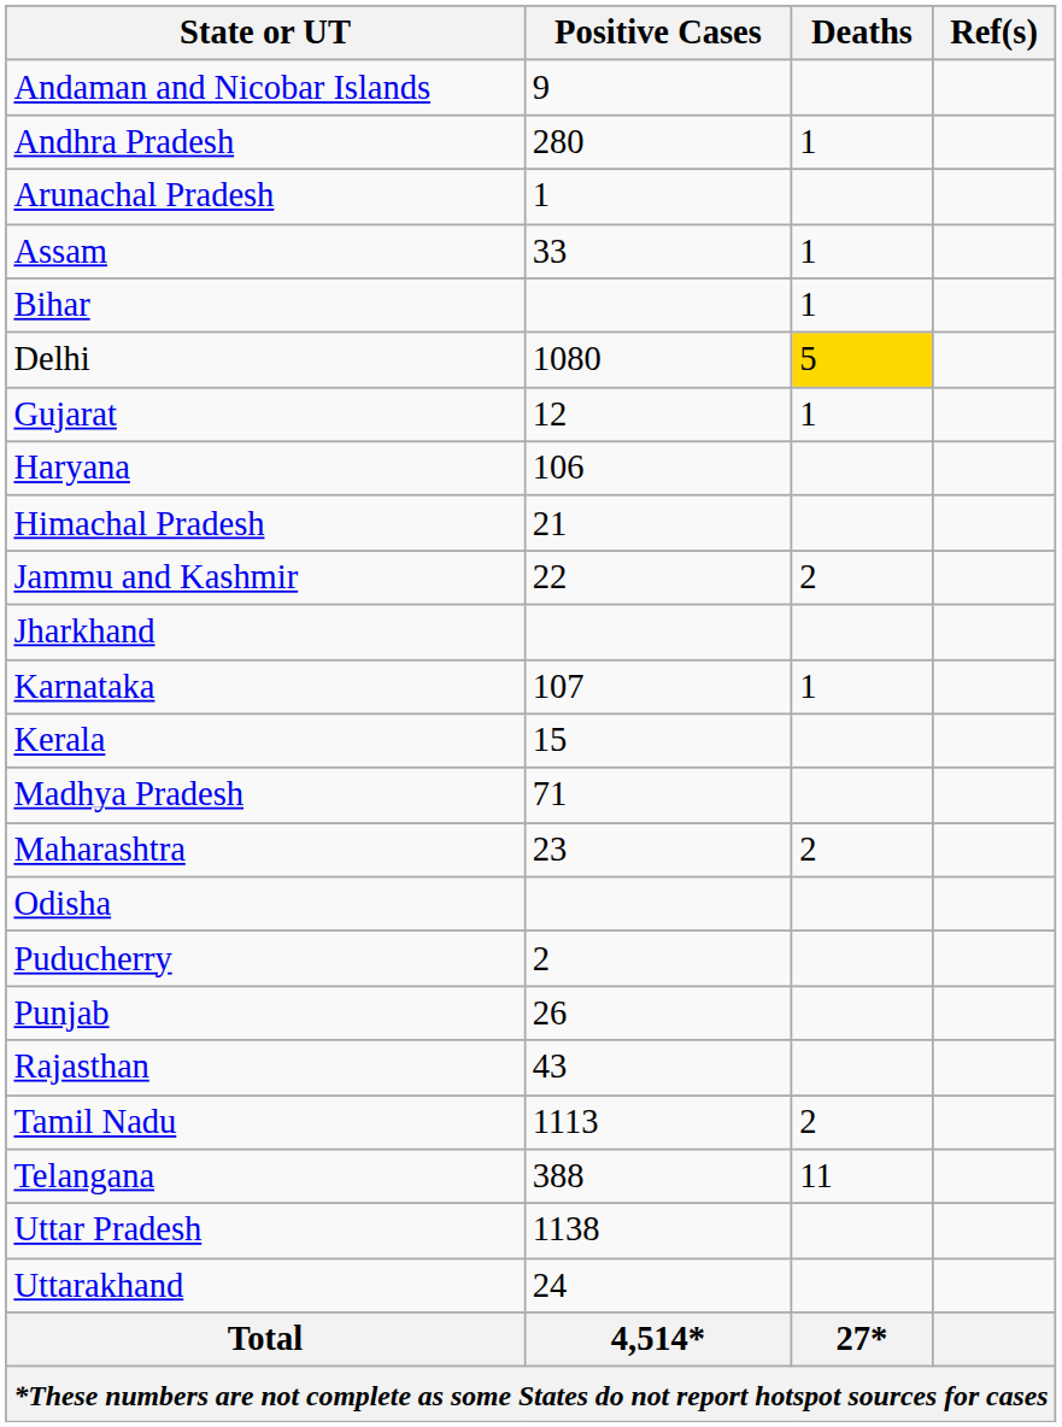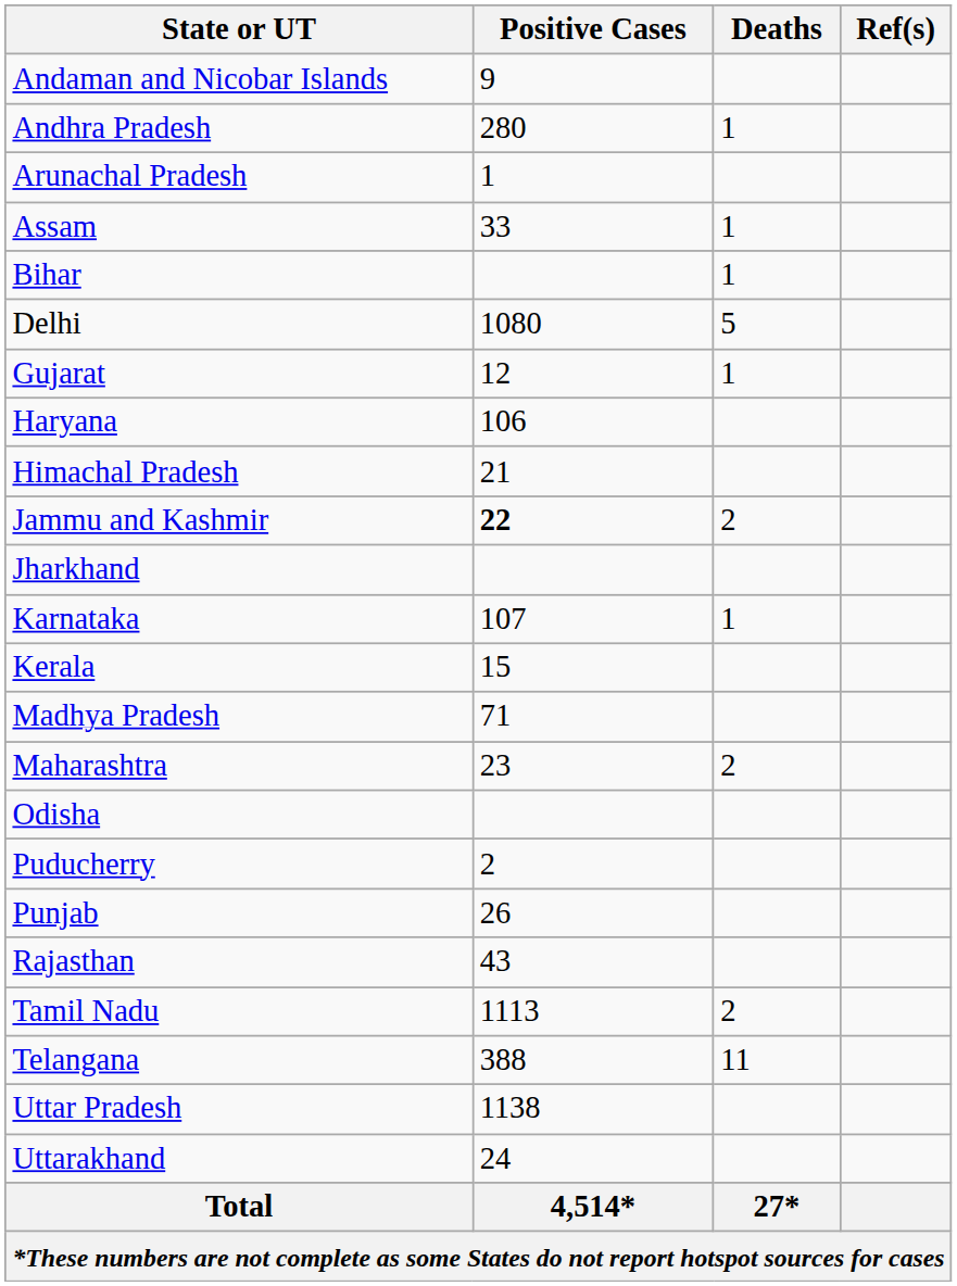 <table class="wikitable sortable">
 <tr>
 <th>State or UT</th>
 <th>Positive Cases</th>
 <th>Deaths</th>
 <th>Ref(s)</th>
 </tr>
 <tr>
 <td><a href='#'>Andaman and Nicobar Islands</a></td>
 <td>9</td>
 <td></td>
 <td></td>
 </tr>
 <tr>
 <td><a href='#'>Andhra Pradesh</a></td>
 <td>280</td>
 <td>1</td>
 <td></td>
 </tr>
 <tr>
 <td><a href='#'>Arunachal Pradesh</a></td>
 <td>1</td>
 <td></td>
 <td></td>
 </tr>
 <tr>
 <td><a href='#'>Assam</a></td>
 <td>33</td>
 <td>1</td>
 <td></td>
 </tr>
 <tr>
 <td><a href='#'>Bihar</a></td>
 <td></td>
 <td>1</td>
 <td></td>
 </tr>
 <tr>
 <td>Delhi</td>
 <td>1080</td>
-<td style="background: gold;">5</td>
+<td>5</td>
 <td></td>
 </tr>
 <tr>
 <td><a href='#'>Gujarat</a></td>
 <td>12</td>
 <td>1</td>
 <td></td>
 </tr>
 <tr>
 <td><a href='#'>Haryana</a></td>
 <td>106</td>
 <td></td>
 <td></td>
 </tr>
 <tr>
 <td><a href='#'>Himachal Pradesh</a></td>
 <td>21</td>
 <td></td>
 <td></td>
 </tr>
 <tr>
 <td><a href='#'>Jammu and Kashmir</a></td>
-<td>22</td>
+<td><strong>22</strong></td>
 <td>2</td>
 <td></td>
 </tr>
 <tr>
 <td><a href='#'>Jharkhand</a></td>
 <td></td>
 <td></td>
 <td></td>
 </tr>
 <tr>
 <td><a href='#'>Karnataka</a></td>
 <td>107</td>
 <td>1</td>
 <td></td>
 </tr>
 <tr>
 <td><a href='#'>Kerala</a></td>
 <td>15</td>
 <td></td>
 <td></td>
 </tr>
 <tr>
 <td><a href='#'>Madhya Pradesh</a></td>
 <td>71</td>
 <td></td>
 <td></td>
 </tr>
 <tr>
 <td><a href='#'>Maharashtra</a></td>
 <td>23</td>
 <td>2</td>
 <td></td>
 </tr>
 <tr>
 <td><a href='#'>Odisha</a></td>
 <td></td>
 <td></td>
 <td></td>
 </tr>
 <tr>
 <td><a href='#'>Puducherry</a></td>
 <td>2</td>
 <td></td>
 <td></td>
 </tr>
 <tr>
 <td><a href='#'>Punjab</a></td>
 <td>26</td>
 <td></td>
 <td></td>
 </tr>
 <tr>
 <td><a href='#'>Rajasthan</a></td>
 <td>43</td>
 <td></td>
 <td></td>
 </tr>
 <tr>
 <td><a href='#'>Tamil Nadu</a></td>
 <td>1113</td>
 <td>2</td>
 <td></td>
 </tr>
 <tr>
 <td><a href='#'>Telangana</a></td>
 <td>388</td>
 <td>11</td>
 <td></td>
 </tr>
 <tr>
 <td><a href='#'>Uttar Pradesh</a></td>
 <td>1138</td>
 <td></td>
 <td></td>
 </tr>
 <tr>
 <td><a href='#'>Uttarakhand</a></td>
 <td>24</td>
 <td></td>
 <td></td>
 </tr>
 <tr>
 <th>Total</th>
 <th>4,514*</th>
 <th>27*</th>
 <th></th>
 </tr>
 <tr>
 <th colspan="4"><em><small>*These numbers are not complete as some States do not report hotspot sources for cases</small></em></th>
 </tr>
 </table>
